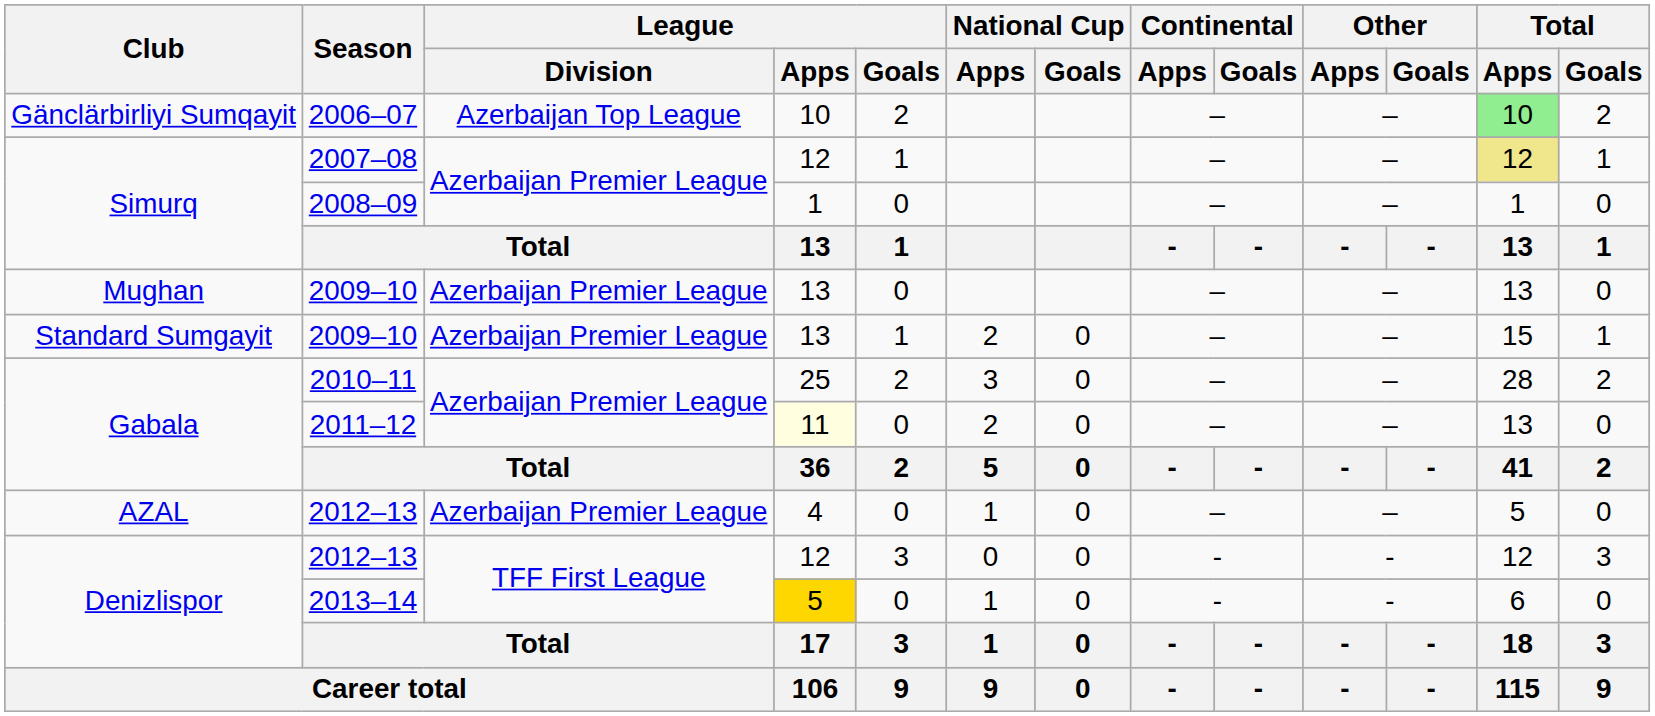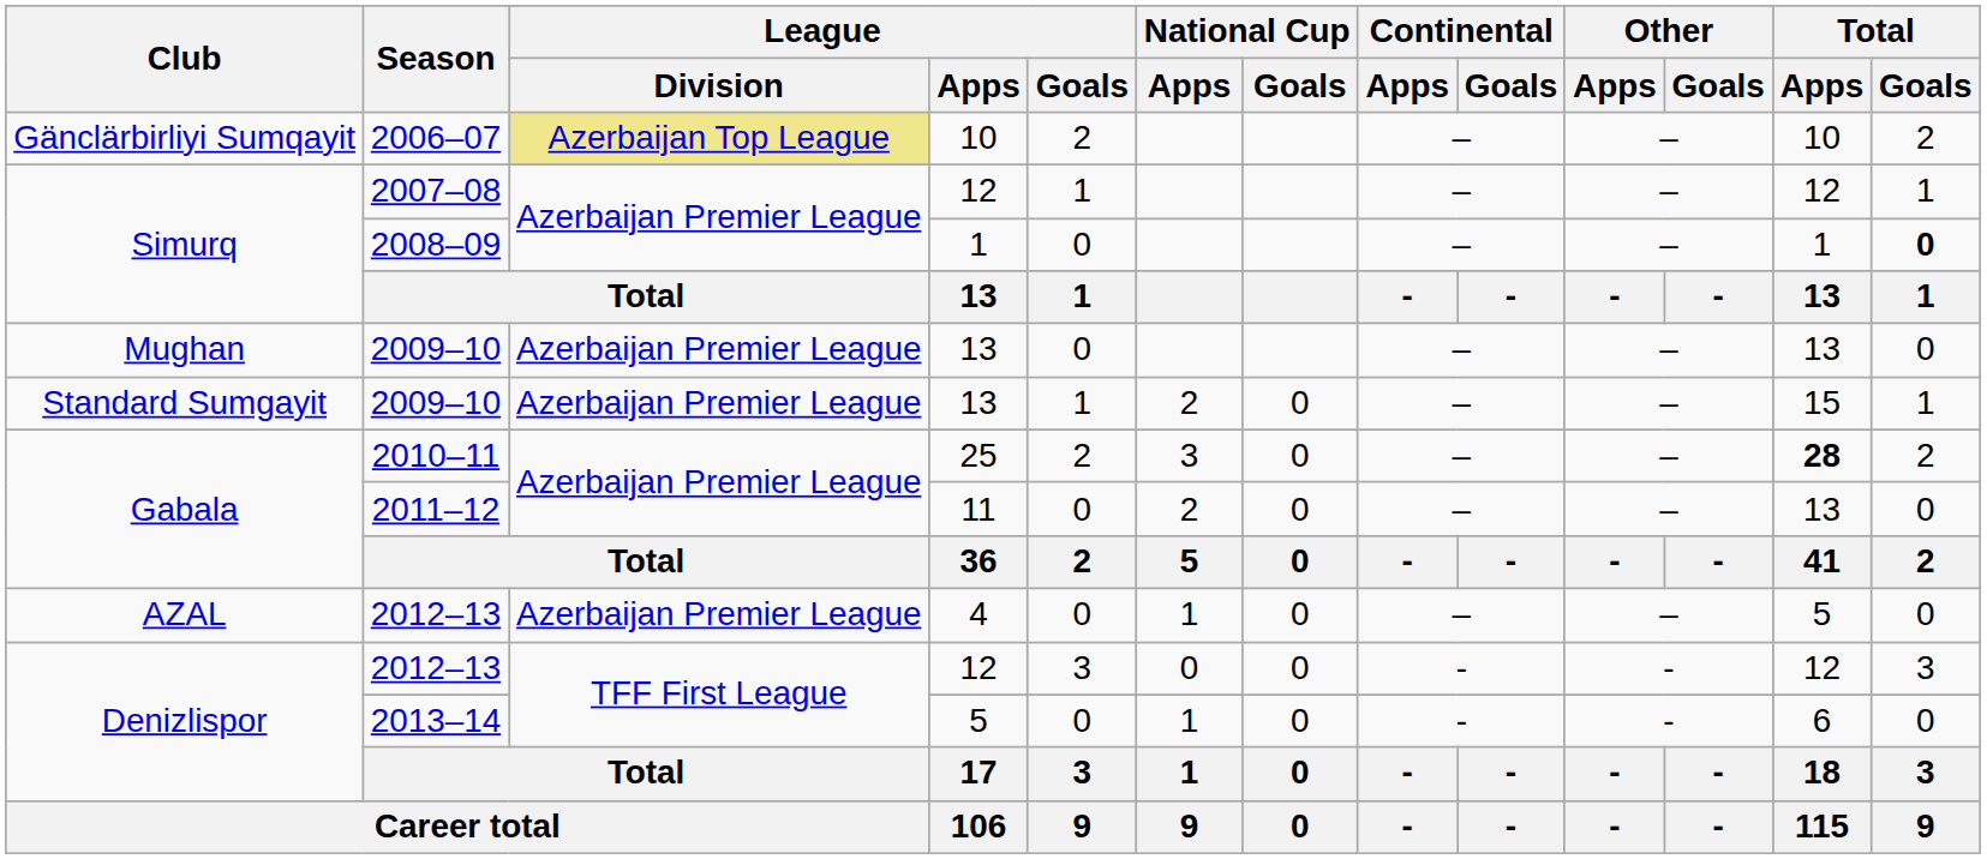 <table class="wikitable" style="text-align: center;">
 <tr>
 <th rowspan="2">Club</th>
 <th rowspan="2">Season</th>
 <th colspan="3">League</th>
 <th colspan="2">National Cup</th>
 <th colspan="2">Continental</th>
 <th colspan="2">Other</th>
 <th colspan="2">Total</th>
 </tr>
 <tr>
 <th>Division</th>
 <th>Apps</th>
 <th>Goals</th>
 <th>Apps</th>
 <th>Goals</th>
 <th>Apps</th>
 <th>Goals</th>
 <th>Apps</th>
 <th>Goals</th>
 <th>Apps</th>
 <th>Goals</th>
 </tr>
 <tr>
 <td valign="center"><a href='#'>Gänclärbirliyi Sumqayit</a></td>
 <td><a href='#'>2006–07</a></td>
-<td><a href='#'>Azerbaijan Top League</a></td>
+<td style="background: khaki;"><a href='#'>Azerbaijan Top League</a></td>
 <td>10</td>
 <td>2</td>
 <td></td>
 <td></td>
 <td colspan="2">–</td>
 <td colspan="2">–</td>
-<td style="background: lightgreen;">10</td>
+<td>10</td>
 <td>2</td>
 </tr>
 <tr>
 <td rowspan="3" valign="center"><a href='#'>Simurq</a></td>
 <td><a href='#'>2007–08</a></td>
 <td rowspan="2" valign="center"><a href='#'>Azerbaijan Premier League</a></td>
 <td>12</td>
 <td>1</td>
 <td></td>
 <td></td>
 <td colspan="2">–</td>
 <td colspan="2">–</td>
-<td style="background: khaki;">12</td>
+<td>12</td>
 <td>1</td>
 </tr>
 <tr>
 <td><a href='#'>2008–09</a></td>
 <td>1</td>
 <td>0</td>
 <td></td>
 <td></td>
 <td colspan="2">–</td>
 <td colspan="2">–</td>
 <td>1</td>
-<td>0</td>
+<td><strong>0</strong></td>
 </tr>
 <tr>
 <th colspan="2">Total</th>
 <th>13</th>
 <th>1</th>
 <th></th>
 <th></th>
 <th>-</th>
 <th>-</th>
 <th>-</th>
 <th>-</th>
 <th>13</th>
 <th>1</th>
 </tr>
 <tr>
 <td valign="center"><a href='#'>Mughan</a></td>
 <td><a href='#'>2009–10</a></td>
 <td><a href='#'>Azerbaijan Premier League</a></td>
 <td>13</td>
 <td>0</td>
 <td></td>
 <td></td>
 <td colspan="2">–</td>
 <td colspan="2">–</td>
 <td>13</td>
 <td>0</td>
 </tr>
 <tr>
 <td valign="center"><a href='#'>Standard Sumgayit</a></td>
 <td><a href='#'>2009–10</a></td>
 <td><a href='#'>Azerbaijan Premier League</a></td>
 <td>13</td>
 <td>1</td>
 <td>2</td>
 <td>0</td>
 <td colspan="2">–</td>
 <td colspan="2">–</td>
 <td>15</td>
 <td>1</td>
 </tr>
 <tr>
 <td rowspan="3" valign="center"><a href='#'>Gabala</a></td>
 <td><a href='#'>2010–11</a></td>
 <td rowspan="2" valign="center"><a href='#'>Azerbaijan Premier League</a></td>
 <td>25</td>
 <td>2</td>
 <td>3</td>
 <td>0</td>
 <td colspan="2">–</td>
 <td colspan="2">–</td>
-<td>28</td>
+<td><strong>28</strong></td>
 <td>2</td>
 </tr>
 <tr>
 <td><a href='#'>2011–12</a></td>
-<td style="background: lightyellow;">11</td>
+<td>11</td>
 <td>0</td>
 <td>2</td>
 <td>0</td>
 <td colspan="2">–</td>
 <td colspan="2">–</td>
 <td>13</td>
 <td>0</td>
 </tr>
 <tr>
 <th colspan="2">Total</th>
 <th>36</th>
 <th>2</th>
 <th>5</th>
 <th>0</th>
 <th>-</th>
 <th>-</th>
 <th>-</th>
 <th>-</th>
 <th>41</th>
 <th>2</th>
 </tr>
 <tr>
 <td valign="center"><a href='#'>AZAL</a></td>
 <td><a href='#'>2012–13</a></td>
 <td><a href='#'>Azerbaijan Premier League</a></td>
 <td>4</td>
 <td>0</td>
 <td>1</td>
 <td>0</td>
 <td colspan="2">–</td>
 <td colspan="2">–</td>
 <td>5</td>
 <td>0</td>
 </tr>
 <tr>
 <td rowspan="3" valign="center"><a href='#'>Denizlispor</a></td>
 <td><a href='#'>2012–13</a></td>
 <td rowspan="2" valign="center"><a href='#'>TFF First League</a></td>
 <td>12</td>
 <td>3</td>
 <td>0</td>
 <td>0</td>
 <td colspan="2">-</td>
 <td colspan="2">-</td>
 <td>12</td>
 <td>3</td>
 </tr>
 <tr>
 <td><a href='#'>2013–14</a></td>
-<td style="background: gold;">5</td>
+<td>5</td>
 <td>0</td>
 <td>1</td>
 <td>0</td>
 <td colspan="2">-</td>
 <td colspan="2">-</td>
 <td>6</td>
 <td>0</td>
 </tr>
 <tr>
 <th colspan="2">Total</th>
 <th>17</th>
 <th>3</th>
 <th>1</th>
 <th>0</th>
 <th>-</th>
 <th>-</th>
 <th>-</th>
 <th>-</th>
 <th>18</th>
 <th>3</th>
 </tr>
 <tr>
 <th colspan="3">Career total</th>
 <th>106</th>
 <th>9</th>
 <th>9</th>
 <th>0</th>
 <th>-</th>
 <th>-</th>
 <th>-</th>
 <th>-</th>
 <th>115</th>
 <th>9</th>
 </tr>
 </table>
